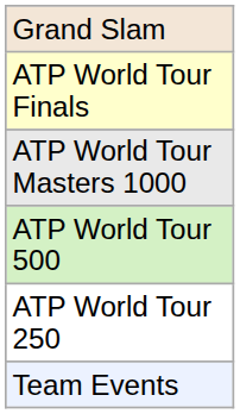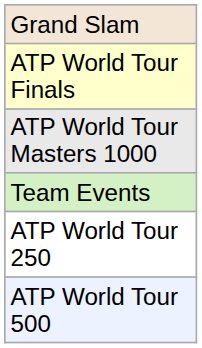 <table class="wikitable" style="font-size:90%; width:13%;">
 <tr style="background:#F3E6D7;">
 <td>Grand Slam</td>
 </tr>
 <tr style="background:#ffc;">
 <td>ATP World Tour Finals</td>
 </tr>
 <tr style="background:#E9E9E9;">
 <td>ATP World Tour Masters 1000</td>
 </tr>
 <tr style="background:#D4F1C5;">
-<td>ATP World Tour 500</td>
+<td>Team Events</td>
 </tr>
 <tr style="background:#fff;">
 <td>ATP World Tour 250</td>
 </tr>
 <tr style="background:#ECF2FF;">
-<td>Team Events</td>
+<td>ATP World Tour 500</td>
 </tr>
 </table>
